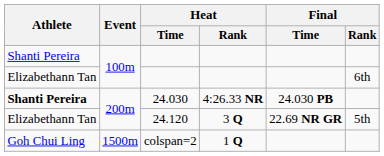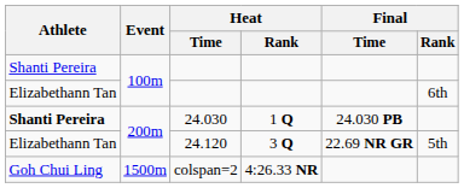 <table class=wikitable style="font-size:90%; text-align:center">
 <tr>
 <th rowspan=2>Athlete</th>
 <th rowspan=2>Event</th>
 <th colspan=2>Heat</th>
 <th colspan=2>Final</th>
 </tr>
 <tr style=font-size:95%>
 <th>Time</th>
 <th>Rank</th>
 <th>Time</th>
 <th>Rank</th>
 </tr>
 <tr align="center">
 <td align="left"><a href='#'>Shanti Pereira</a></td>
 <td rowspan="2"><a href='#'>100m</a></td>
 <td></td>
 <td></td>
 <td></td>
 <td></td>
 </tr>
 <tr align="center">
 <td align="left">Elizabethann Tan</td>
 <td></td>
 <td></td>
 <td></td>
 <td>6th</td>
 </tr>
 <tr align="center">
 <td align="left"><strong>Shanti Pereira</strong></td>
 <td rowspan="2"><a href='#'>200m</a></td>
 <td>24.030</td>
-<td>4:26.33 <strong>NR</strong></td>
+<td>1 <strong>Q</strong></td>
 <td>24.030 <strong>PB</strong></td>
 <td></td>
 </tr>
 <tr align="center">
 <td align="left">Elizabethann Tan</td>
 <td>24.120</td>
 <td>3 <strong>Q</strong></td>
 <td>22.69 <strong>NR</strong> <strong>GR</strong></td>
 <td>5th</td>
 </tr>
 <tr align="center">
 <td align="left"><a href='#'>Goh Chui Ling</a></td>
 <td><a href='#'>1500m</a></td>
 <td>colspan=2 </td>
-<td>1 <strong>Q</strong></td>
+<td>4:26.33 <strong>NR</strong></td>
 <td></td>
 </tr>
 </table>
